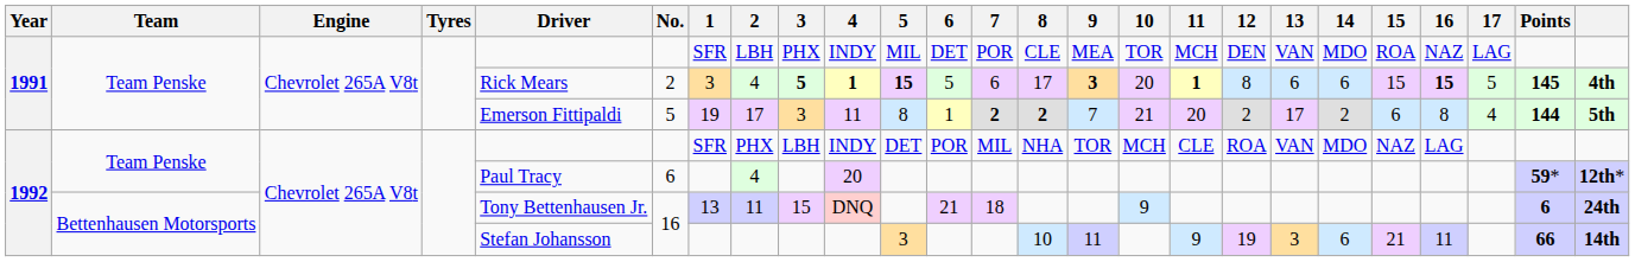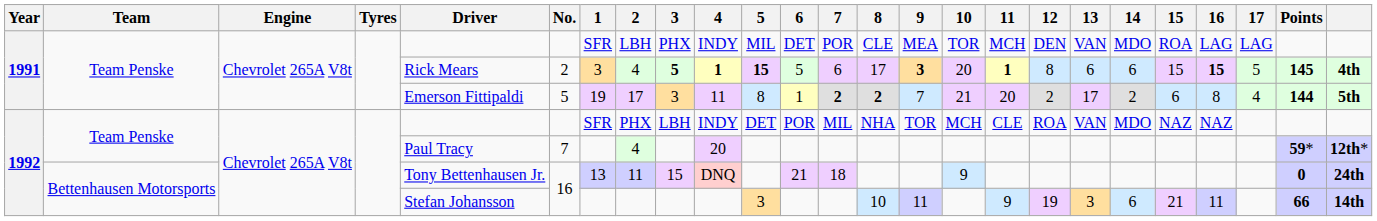 <table class="wikitable" style="text-align:center; font-size:95%">
 <tr>
 <th>Year</th>
 <th>Team</th>
 <th>Engine</th>
 <th>Tyres</th>
 <th>Driver</th>
 <th>No.</th>
 <th>1</th>
 <th>2</th>
 <th>3</th>
 <th>4</th>
 <th>5</th>
 <th>6</th>
 <th>7</th>
 <th>8</th>
 <th>9</th>
 <th>10</th>
 <th>11</th>
 <th>12</th>
 <th>13</th>
 <th>14</th>
 <th>15</th>
 <th>16</th>
 <th>17</th>
 <th>Points</th>
 <th></th>
 </tr>
 <tr>
 <th rowspan="3"><a href='#'>1991</a></th>
 <td rowspan="3"><a href='#'>Team Penske</a></td>
 <td rowspan="3"><a href='#'>Chevrolet</a> <a href='#'>265A</a> <a href='#'>V8</a><a href='#'>t</a></td>
 <td rowspan="3"></td>
 <td></td>
 <td></td>
 <td><a href='#'>SFR</a></td>
 <td><a href='#'>LBH</a></td>
 <td><a href='#'>PHX</a></td>
 <td><a href='#'>INDY</a></td>
 <td><a href='#'>MIL</a></td>
 <td><a href='#'>DET</a></td>
 <td><a href='#'>POR</a></td>
 <td><a href='#'>CLE</a></td>
 <td><a href='#'>MEA</a></td>
 <td><a href='#'>TOR</a></td>
 <td><a href='#'>MCH</a></td>
 <td><a href='#'>DEN</a></td>
 <td><a href='#'>VAN</a></td>
 <td><a href='#'>MDO</a></td>
 <td><a href='#'>ROA</a></td>
-<td><a href='#'>NAZ</a></td>
+<td><a href='#'>LAG</a></td>
 <td><a href='#'>LAG</a></td>
 <td></td>
 <td></td>
 </tr>
 <tr>
 <td align="left"> <a href='#'>Rick Mears</a></td>
 <td>2</td>
 <td style="background:#FFDF9F;">3</td>
 <td style="background:#DFFFDF;">4</td>
 <td style="background:#DFFFDF;"><strong>5</strong></td>
 <td style="background:#FFFFBF;"><strong>1</strong></td>
 <td style="background:#EFCFFF;"><strong>15</strong></td>
 <td style="background:#DFFFDF;">5</td>
 <td style="background:#EFCFFF;">6</td>
 <td style="background:#EFCFFF;">17</td>
 <td style="background:#FFDF9F;"><strong>3</strong></td>
 <td style="background:#EFCFFF;">20</td>
 <td style="background:#FFFFBF;"><strong>1</strong></td>
 <td style="background:#CFEAFF;">8</td>
 <td style="background:#CFEAFF;">6</td>
 <td style="background:#CFEAFF;">6</td>
 <td style="background:#EFCFFF;">15</td>
 <td style="background:#EFCFFF;"><strong>15</strong></td>
 <td style="background:#DFFFDF;">5</td>
 <td style="background:#DFFFDF;"><strong>145</strong></td>
 <td style="background:#DFFFDF;"><strong>4th</strong></td>
 </tr>
 <tr>
 <td align="left"> <a href='#'>Emerson Fittipaldi</a></td>
 <td>5</td>
 <td style="background:#EFCFFF;">19</td>
 <td style="background:#EFCFFF;">17</td>
 <td style="background:#FFDF9F;">3</td>
 <td style="background:#EFCFFF;">11</td>
 <td style="background:#CFEAFF;">8</td>
 <td style="background:#FFFFBF;">1</td>
 <td style="background:#DFDFDF;"><strong>2</strong></td>
 <td style="background:#DFDFDF;"><strong>2</strong></td>
 <td style="background:#CFEAFF;">7</td>
 <td style="background:#EFCFFF;">21</td>
 <td style="background:#EFCFFF;">20</td>
 <td style="background:#DFDFDF;">2</td>
 <td style="background:#EFCFFF;">17</td>
 <td style="background:#DFDFDF;">2</td>
 <td style="background:#CFEAFF;">6</td>
 <td style="background:#CFEAFF;">8</td>
 <td style="background:#DFFFDF;">4</td>
 <td style="background:#DFFFDF;"><strong>144</strong></td>
 <td style="background:#DFFFDF;"><strong>5th</strong></td>
 </tr>
 <tr>
 <th rowspan="4"><a href='#'>1992</a></th>
 <td rowspan="2"><a href='#'>Team Penske</a></td>
 <td rowspan="4"><a href='#'>Chevrolet</a> <a href='#'>265A</a> <a href='#'>V8</a><a href='#'>t</a></td>
 <td rowspan="4"></td>
 <td></td>
 <td></td>
 <td><a href='#'>SFR</a></td>
 <td><a href='#'>PHX</a></td>
 <td><a href='#'>LBH</a></td>
 <td><a href='#'>INDY</a></td>
 <td><a href='#'>DET</a></td>
 <td><a href='#'>POR</a></td>
 <td><a href='#'>MIL</a></td>
 <td><a href='#'>NHA</a></td>
 <td><a href='#'>TOR</a></td>
 <td><a href='#'>MCH</a></td>
 <td><a href='#'>CLE</a></td>
 <td><a href='#'>ROA</a></td>
 <td><a href='#'>VAN</a></td>
 <td><a href='#'>MDO</a></td>
 <td><a href='#'>NAZ</a></td>
-<td><a href='#'>LAG</a></td>
+<td><a href='#'>NAZ</a></td>
 <td></td>
 <td></td>
 <td></td>
 </tr>
 <tr>
 <td align="left"> <a href='#'>Paul Tracy</a></td>
-<td>6</td>
+<td>7</td>
 <td></td>
 <td style="background:#dfffdf;">4</td>
 <td></td>
 <td style="background:#efcfff;">20</td>
 <td></td>
 <td></td>
 <td></td>
 <td></td>
 <td></td>
 <td></td>
 <td></td>
 <td></td>
 <td></td>
 <td></td>
 <td></td>
 <td></td>
 <td></td>
 <td style="background:#CFCFFF;"><strong>59</strong>*</td>
 <td style="background:#CFCFFF;"><strong>12th</strong>*</td>
 </tr>
 <tr>
 <td rowspan="2"><a href='#'>Bettenhausen Motorsports</a></td>
 <td align="left"> <a href='#'>Tony Bettenhausen Jr.</a></td>
 <td rowspan="2">16</td>
 <td style="background:#CFCFFF;">13</td>
 <td style="background:#CFCFFF;">11</td>
 <td style="background:#efcfff;">15</td>
 <td style="background:#ffcfcf;">DNQ</td>
 <td></td>
 <td style="background:#efcfff;">21</td>
 <td style="background:#efcfff;">18</td>
 <td></td>
 <td></td>
 <td style="background:#CFEAFF;">9</td>
 <td></td>
 <td></td>
 <td></td>
 <td></td>
 <td></td>
 <td></td>
 <td></td>
-<td style="background:#CFCFFF;"><strong>6</strong></td>
+<td style="background:#CFCFFF;"><strong>0</strong></td>
 <td style="background:#CFCFFF;"><strong>24th</strong></td>
 </tr>
 <tr>
 <td align="left"> <a href='#'>Stefan Johansson</a></td>
 <td></td>
 <td></td>
 <td></td>
 <td></td>
 <td style="background:#ffdf9f;">3</td>
 <td></td>
 <td></td>
 <td style="background:#CFEAFF;">10</td>
 <td style="background:#CFCFFF;">11</td>
 <td></td>
 <td style="background:#CFEAFF;">9</td>
 <td style="background:#efcfff;">19</td>
 <td style="background:#ffdf9f;">3</td>
 <td style="background:#CFEAFF;">6</td>
 <td style="background:#efcfff;">21</td>
 <td style="background:#CFCFFF;">11</td>
 <td></td>
 <td style="background:#CFCFFF;"><strong>66</strong></td>
 <td style="background:#CFCFFF;"><strong>14th</strong></td>
 </tr>
 </table>
